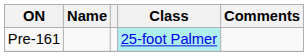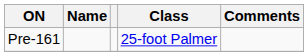 <table class="wikitable">
 <tr>
 <th>ON</th>
 <th>Name</th>
 <th></th>
 <th>Class</th>
 <th>Comments</th>
 </tr>
 <tr>
 <td>Pre-161</td>
 <td></td>
 <td></td>
-<td style="background: paleturquoise;"><a href='#'>25-foot Palmer</a></td>
+<td><a href='#'>25-foot Palmer</a></td>
 <td></td>
 </tr>
 <tr>
 </tr>
 </table>
